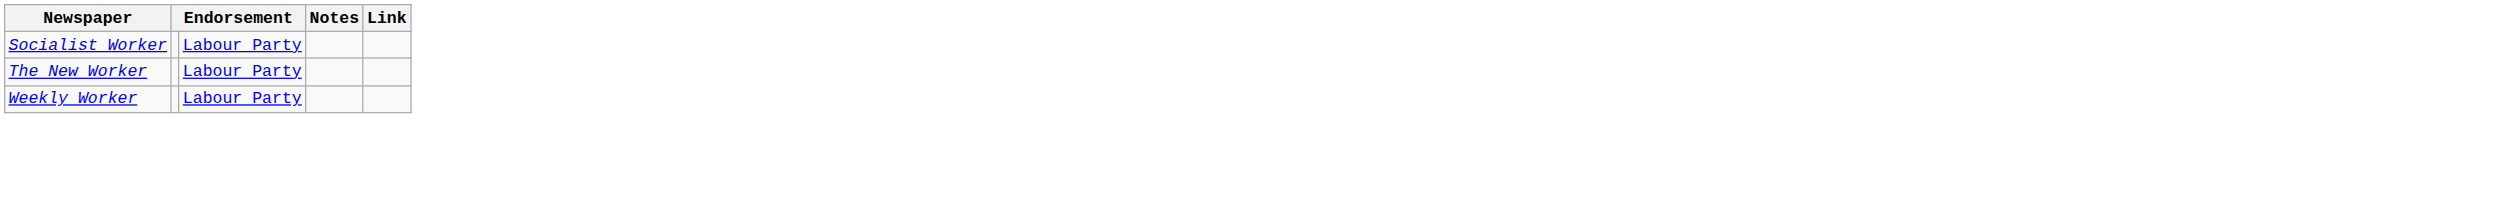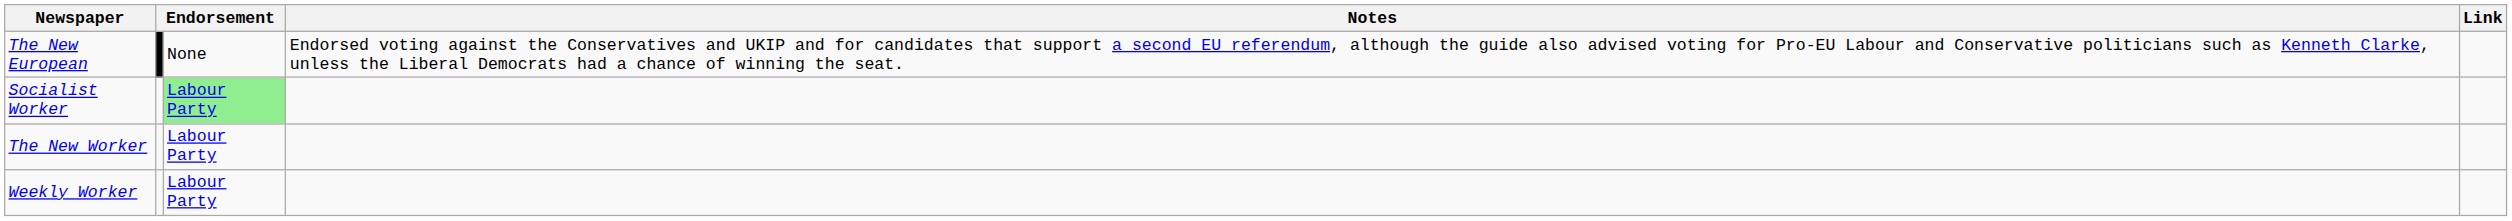 <table class="wikitable">
 <tr>
 <th>Newspaper</th>
 <th colspan=2>Endorsement</th>
 <th>Notes</th>
 <th>Link</th>
 </tr>
 <tr>
+<td><em><a href='#'>The New European</a></em></td>
+<td style="background-color:black"></td>
+<td>None</td>
+<td>Endorsed voting against the Conservatives and UKIP and for candidates that support <a href='#'>a second EU referendum</a>, although the guide also advised voting for Pro-EU Labour and Conservative politicians such as <a href='#'>Kenneth Clarke</a>, unless the Liberal Democrats had a chance of winning the seat.</td>
+<td></td>
+</tr>
+<tr>
 <td><em><a href='#'>Socialist Worker</a></em></td>
 <td style="background-color: "></td>
-<td><a href='#'>Labour Party</a></td>
+<td style="background: lightgreen;"><a href='#'>Labour Party</a></td>
 <td></td>
 <td></td>
 </tr>
 <tr>
 <td><em><a href='#'>The New Worker</a></em></td>
 <td style="background-color: "></td>
 <td><a href='#'>Labour Party</a></td>
 <td></td>
 <td></td>
 </tr>
 <tr>
 <td><em><a href='#'>Weekly Worker</a></em></td>
 <td style="background-color: "></td>
 <td><a href='#'>Labour Party</a></td>
 <td></td>
 <td></td>
 </tr>
 </table>
